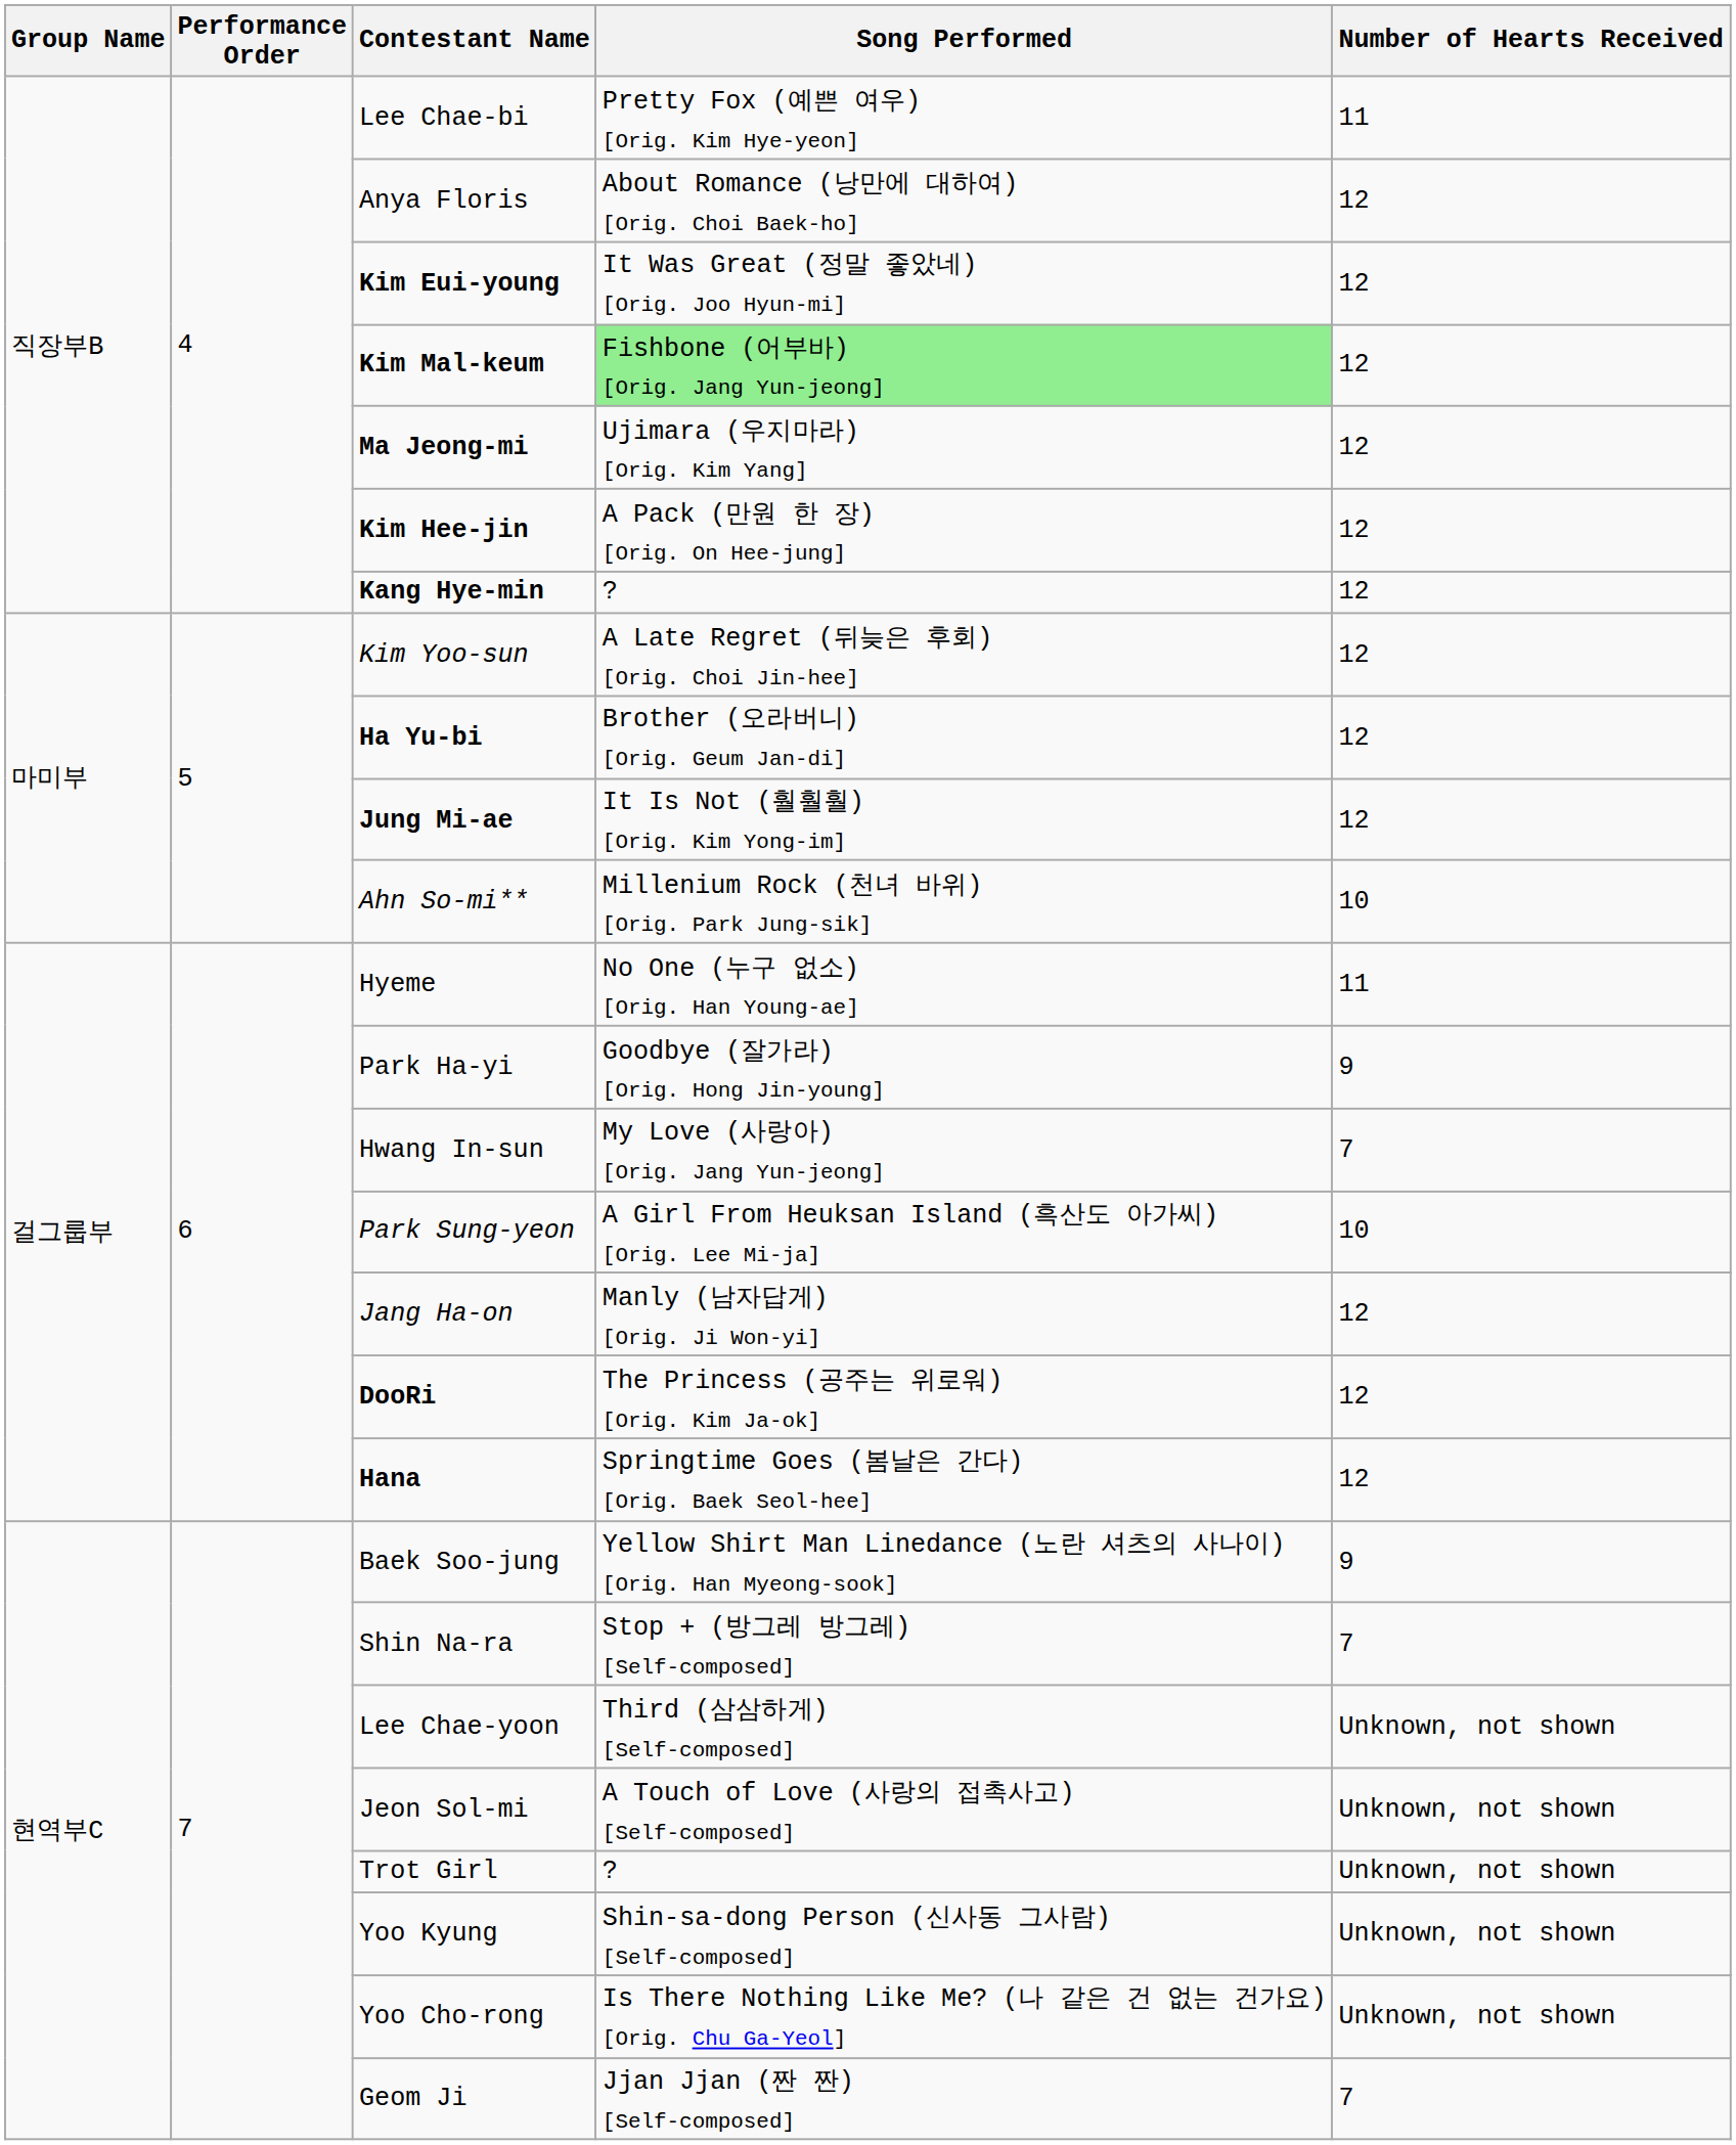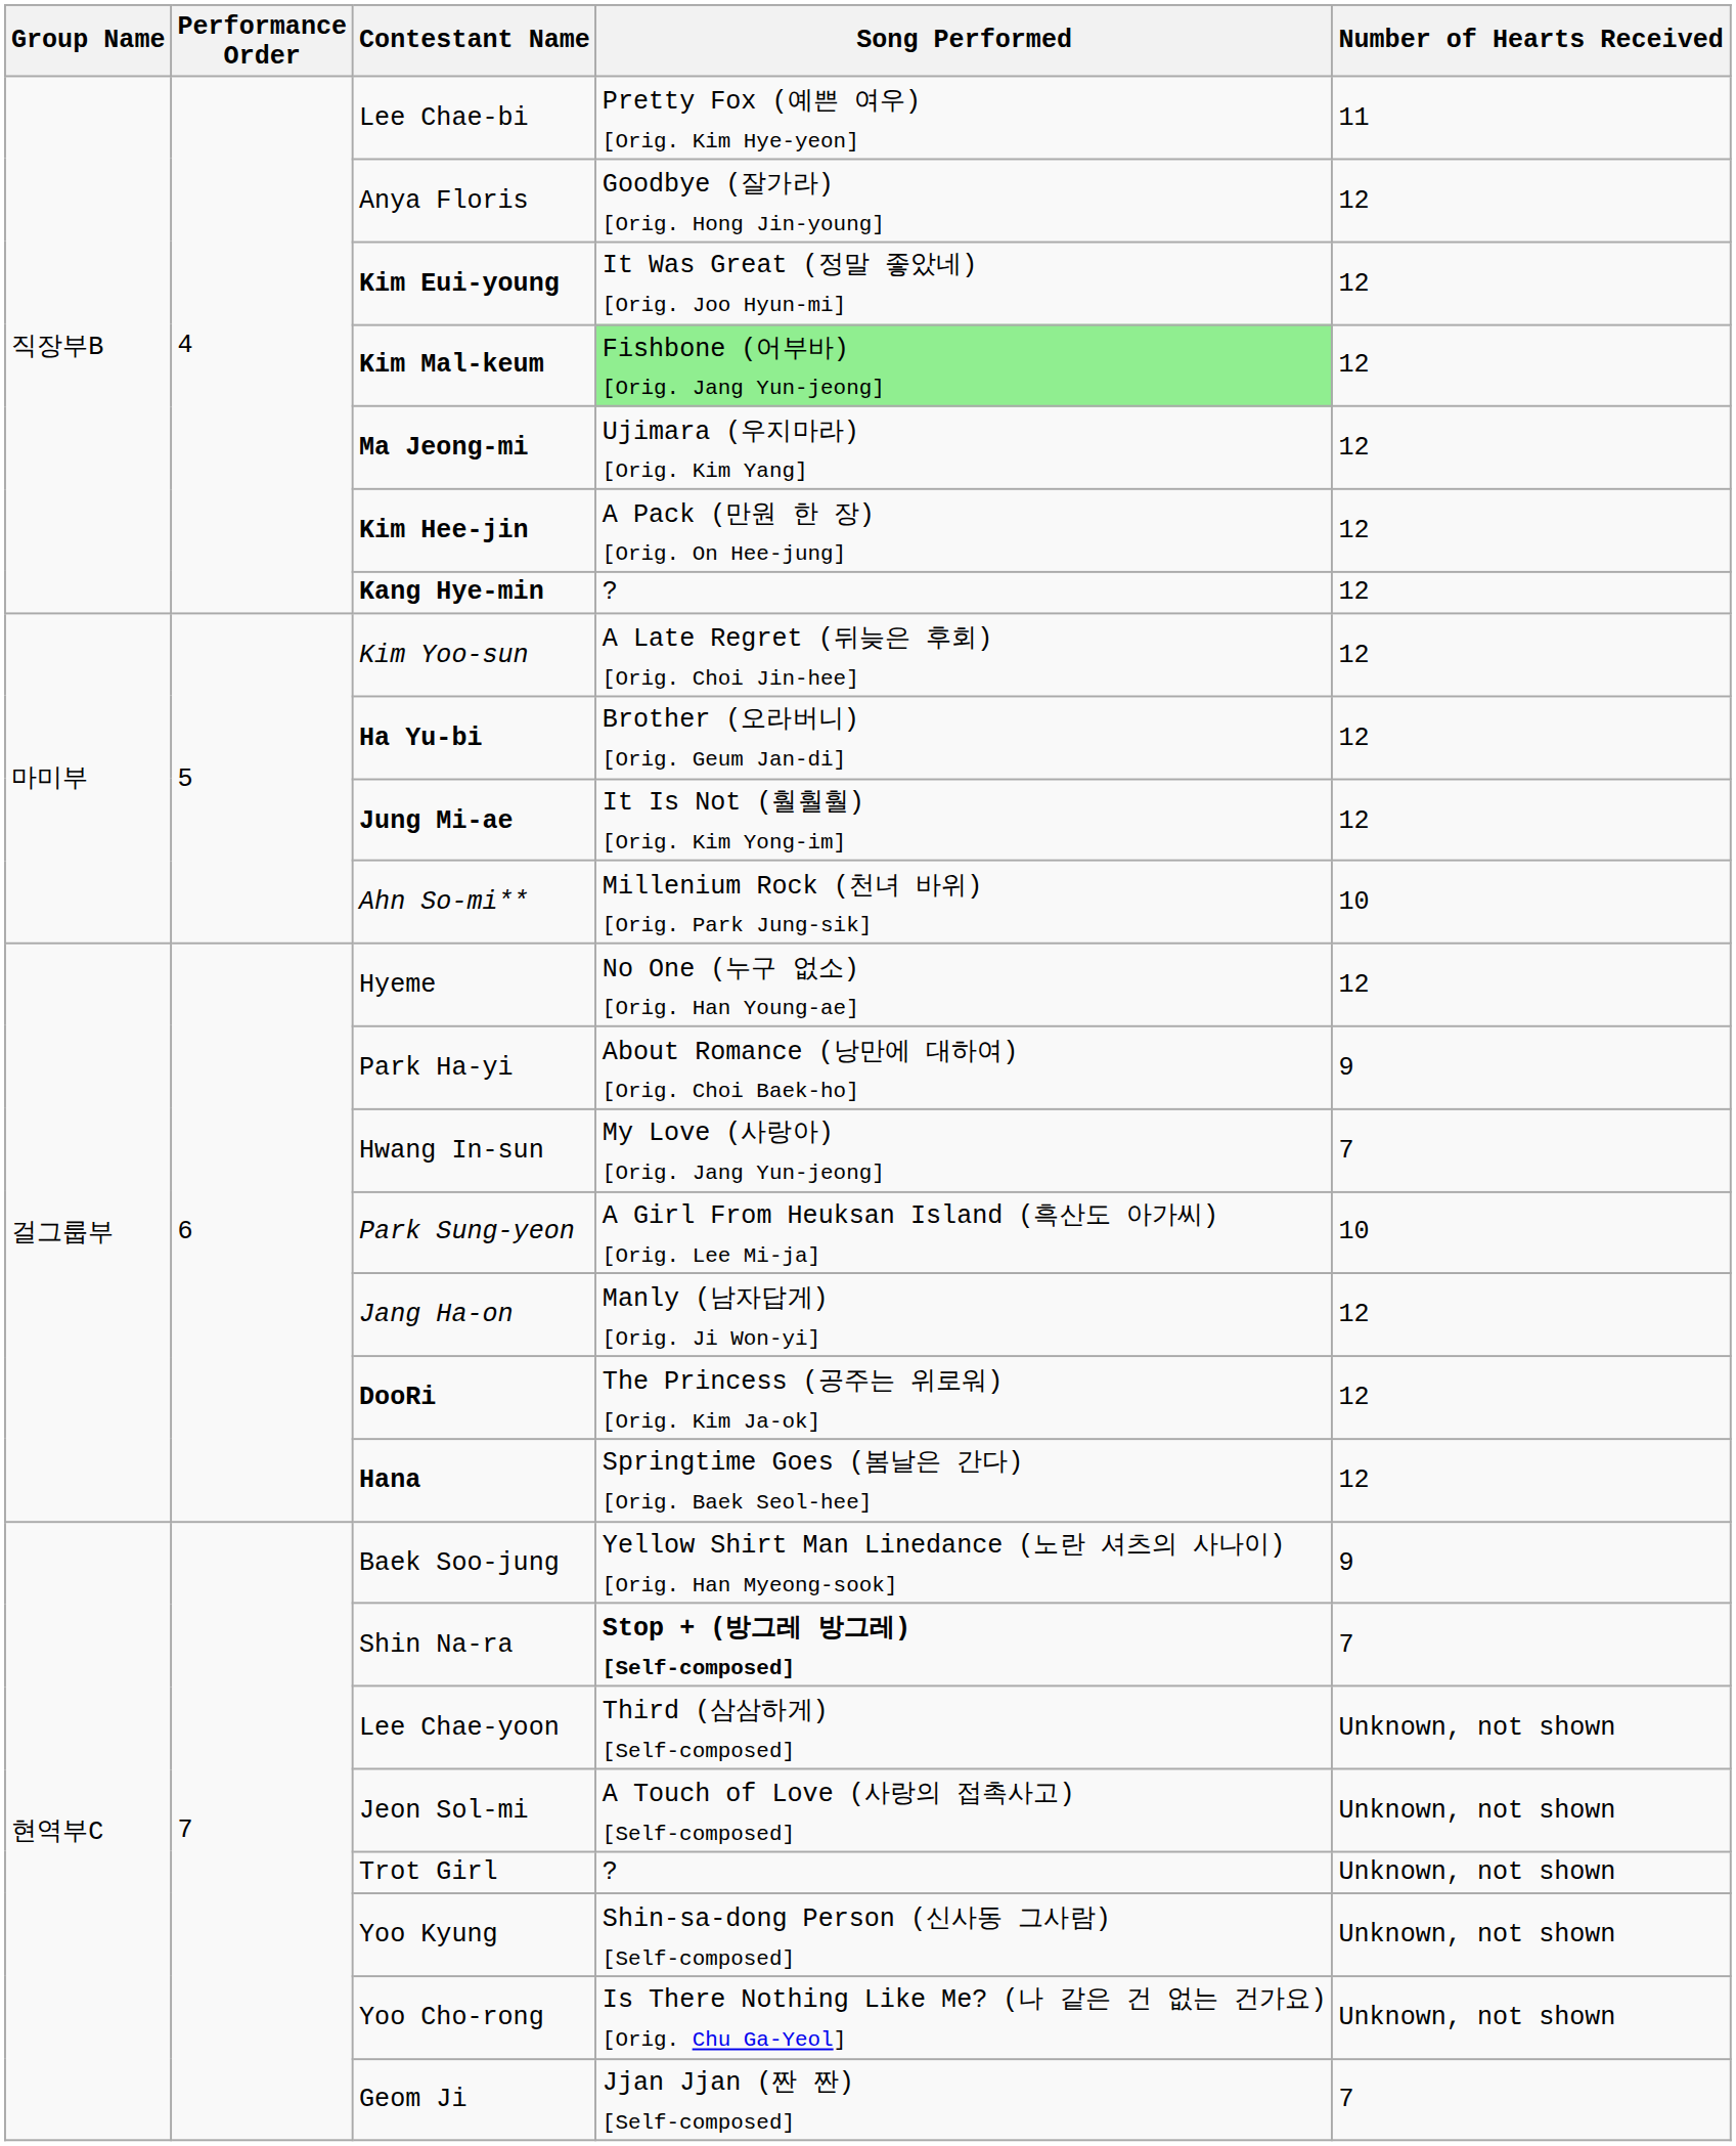 <table class="wikitable">
 <tr>
 <th>Group Name</th>
 <th>Performance<br>Order</th>
 <th>Contestant Name</th>
 <th>Song Performed</th>
 <th>Number of Hearts Received</th>
 </tr>
 <tr>
 <td rowspan=7>직장부B</td>
 <td rowspan=7>4</td>
 <td>Lee Chae-bi</td>
 <td>Pretty Fox (예쁜 여우)<br><sub>[Orig. Kim Hye-yeon]</sub></td>
 <td>11</td>
 </tr>
 <tr>
 <td>Anya Floris</td>
-<td>About Romance (낭만에 대하여)<br><sub>[Orig. Choi Baek-ho]</sub></td>
+<td>Goodbye (잘가라)<br><sub>[Orig. Hong Jin-young]</sub></td>
 <td>12</td>
 </tr>
 <tr>
 <td><strong>Kim Eui-young</strong></td>
 <td>It Was Great (정말 좋았네)<br><sub>[Orig. Joo Hyun-mi]</sub></td>
 <td>12</td>
 </tr>
 <tr>
 <td><strong>Kim Mal-keum</strong></td>
 <td style="background: lightgreen;">Fishbone (어부바)<br><sub>[Orig. Jang Yun-jeong]</sub></td>
 <td>12</td>
 </tr>
 <tr>
 <td><strong>Ma Jeong-mi</strong></td>
 <td>Ujimara (우지마라)<br><sub>[Orig. Kim Yang]</sub></td>
 <td>12</td>
 </tr>
 <tr>
 <td><strong>Kim Hee-jin</strong></td>
 <td>A Pack (만원 한 장)<br><sub>[Orig. On Hee-jung]</sub></td>
 <td>12</td>
 </tr>
 <tr>
 <td><strong>Kang Hye-min</strong></td>
 <td>?</td>
 <td>12</td>
 </tr>
 <tr>
 <td rowspan=4>마미부</td>
 <td rowspan=4>5</td>
 <td><em>Kim Yoo-sun</em></td>
 <td>A Late Regret (뒤늦은 후회)<br><sub>[Orig. Choi Jin-hee]</sub></td>
 <td>12</td>
 </tr>
 <tr>
 <td><strong>Ha Yu-bi</strong></td>
 <td>Brother (오라버니)<br><sub>[Orig. Geum Jan-di]</sub></td>
 <td>12</td>
 </tr>
 <tr>
 <td><strong>Jung Mi-ae</strong></td>
 <td>It Is Not (훨훨훨)<br><sub>[Orig. Kim Yong-im]</sub></td>
 <td>12</td>
 </tr>
 <tr>
 <td><em>Ahn So-mi**</em></td>
 <td>Millenium Rock (천녀 바위)<br><sub>[Orig. Park Jung-sik]</sub></td>
 <td>10</td>
 </tr>
 <tr>
 <td rowspan=7>걸그룹부</td>
 <td rowspan=7>6</td>
 <td>Hyeme</td>
 <td>No One (누구 없소)<br><sub>[Orig. Han Young-ae]</sub></td>
-<td>11</td>
+<td>12</td>
 </tr>
 <tr>
 <td>Park Ha-yi</td>
-<td>Goodbye (잘가라)<br><sub>[Orig. Hong Jin-young]</sub></td>
+<td>About Romance (낭만에 대하여)<br><sub>[Orig. Choi Baek-ho]</sub></td>
 <td>9</td>
 </tr>
 <tr>
 <td>Hwang In-sun</td>
 <td>My Love (사랑아)<br><sub>[Orig. Jang Yun-jeong]</sub></td>
 <td>7</td>
 </tr>
 <tr>
 <td><em>Park Sung-yeon</em></td>
 <td>A Girl From Heuksan Island (흑산도 아가씨)<br><sub>[Orig. Lee Mi-ja]</sub></td>
 <td>10</td>
 </tr>
 <tr>
 <td><em>Jang Ha-on</em></td>
 <td>Manly (남자답게)<br><sub>[Orig. Ji Won-yi]</sub></td>
 <td>12</td>
 </tr>
 <tr>
 <td><strong>DooRi</strong></td>
 <td>The Princess (공주는 위로워)<br><sub>[Orig. Kim Ja-ok]</sub></td>
 <td>12</td>
 </tr>
 <tr>
 <td><strong>Hana</strong></td>
 <td>Springtime Goes (봄날은 간다)<br><sub>[Orig. Baek Seol-hee]</sub></td>
 <td>12</td>
 </tr>
 <tr>
 <td rowspan=8>현역부C</td>
 <td rowspan=8>7</td>
 <td>Baek Soo-jung</td>
 <td>Yellow Shirt Man Linedance (노란 셔츠의 사나이)<br><sub>[Orig. Han Myeong-sook]</sub></td>
 <td>9</td>
 </tr>
 <tr>
 <td>Shin Na-ra</td>
-<td>Stop + (방그레 방그레)<br><sub>[Self-composed]</sub></td>
+<td><strong>Stop + (방그레 방그레)<br><sub>[Self-composed]</sub></strong></td>
 <td>7</td>
 </tr>
 <tr>
 <td>Lee Chae-yoon</td>
 <td>Third (삼삼하게)<br><sub>[Self-composed]</sub></td>
 <td>Unknown, not shown</td>
 </tr>
 <tr>
 <td>Jeon Sol-mi</td>
 <td>A Touch of Love (사랑의 접촉사고)<br><sub>[Self-composed]</sub></td>
 <td>Unknown, not shown</td>
 </tr>
 <tr>
 <td>Trot Girl</td>
 <td>?</td>
 <td>Unknown, not shown</td>
 </tr>
 <tr>
 <td>Yoo Kyung</td>
 <td>Shin-sa-dong Person (신사동 그사람)<br><sub>[Self-composed]</sub></td>
 <td>Unknown, not shown</td>
 </tr>
 <tr>
 <td>Yoo Cho-rong</td>
 <td>Is There Nothing Like Me? (나 같은 건 없는 건가요)<br><sub>[Orig. <a href='#'>Chu Ga-Yeol</a>]</sub></td>
 <td>Unknown, not shown</td>
 </tr>
 <tr>
 <td>Geom Ji</td>
 <td>Jjan Jjan (짠 짠)<br><sub>[Self-composed]</sub></td>
 <td>7</td>
 </tr>
 </table>
